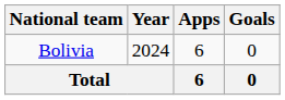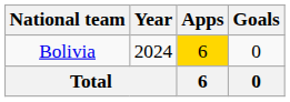 <table class="wikitable" style="text-align:center">
 <tr>
 <th>National team</th>
 <th>Year</th>
 <th>Apps</th>
 <th>Goals</th>
 </tr>
 <tr>
 <td rowspan="1"><a href='#'>Bolivia</a></td>
 <td>2024</td>
-<td>6</td>
+<td style="background: gold;">6</td>
 <td>0</td>
 </tr>
 <tr>
 <th colspan="2">Total</th>
 <th>6</th>
 <th>0</th>
 </tr>
 </table>
